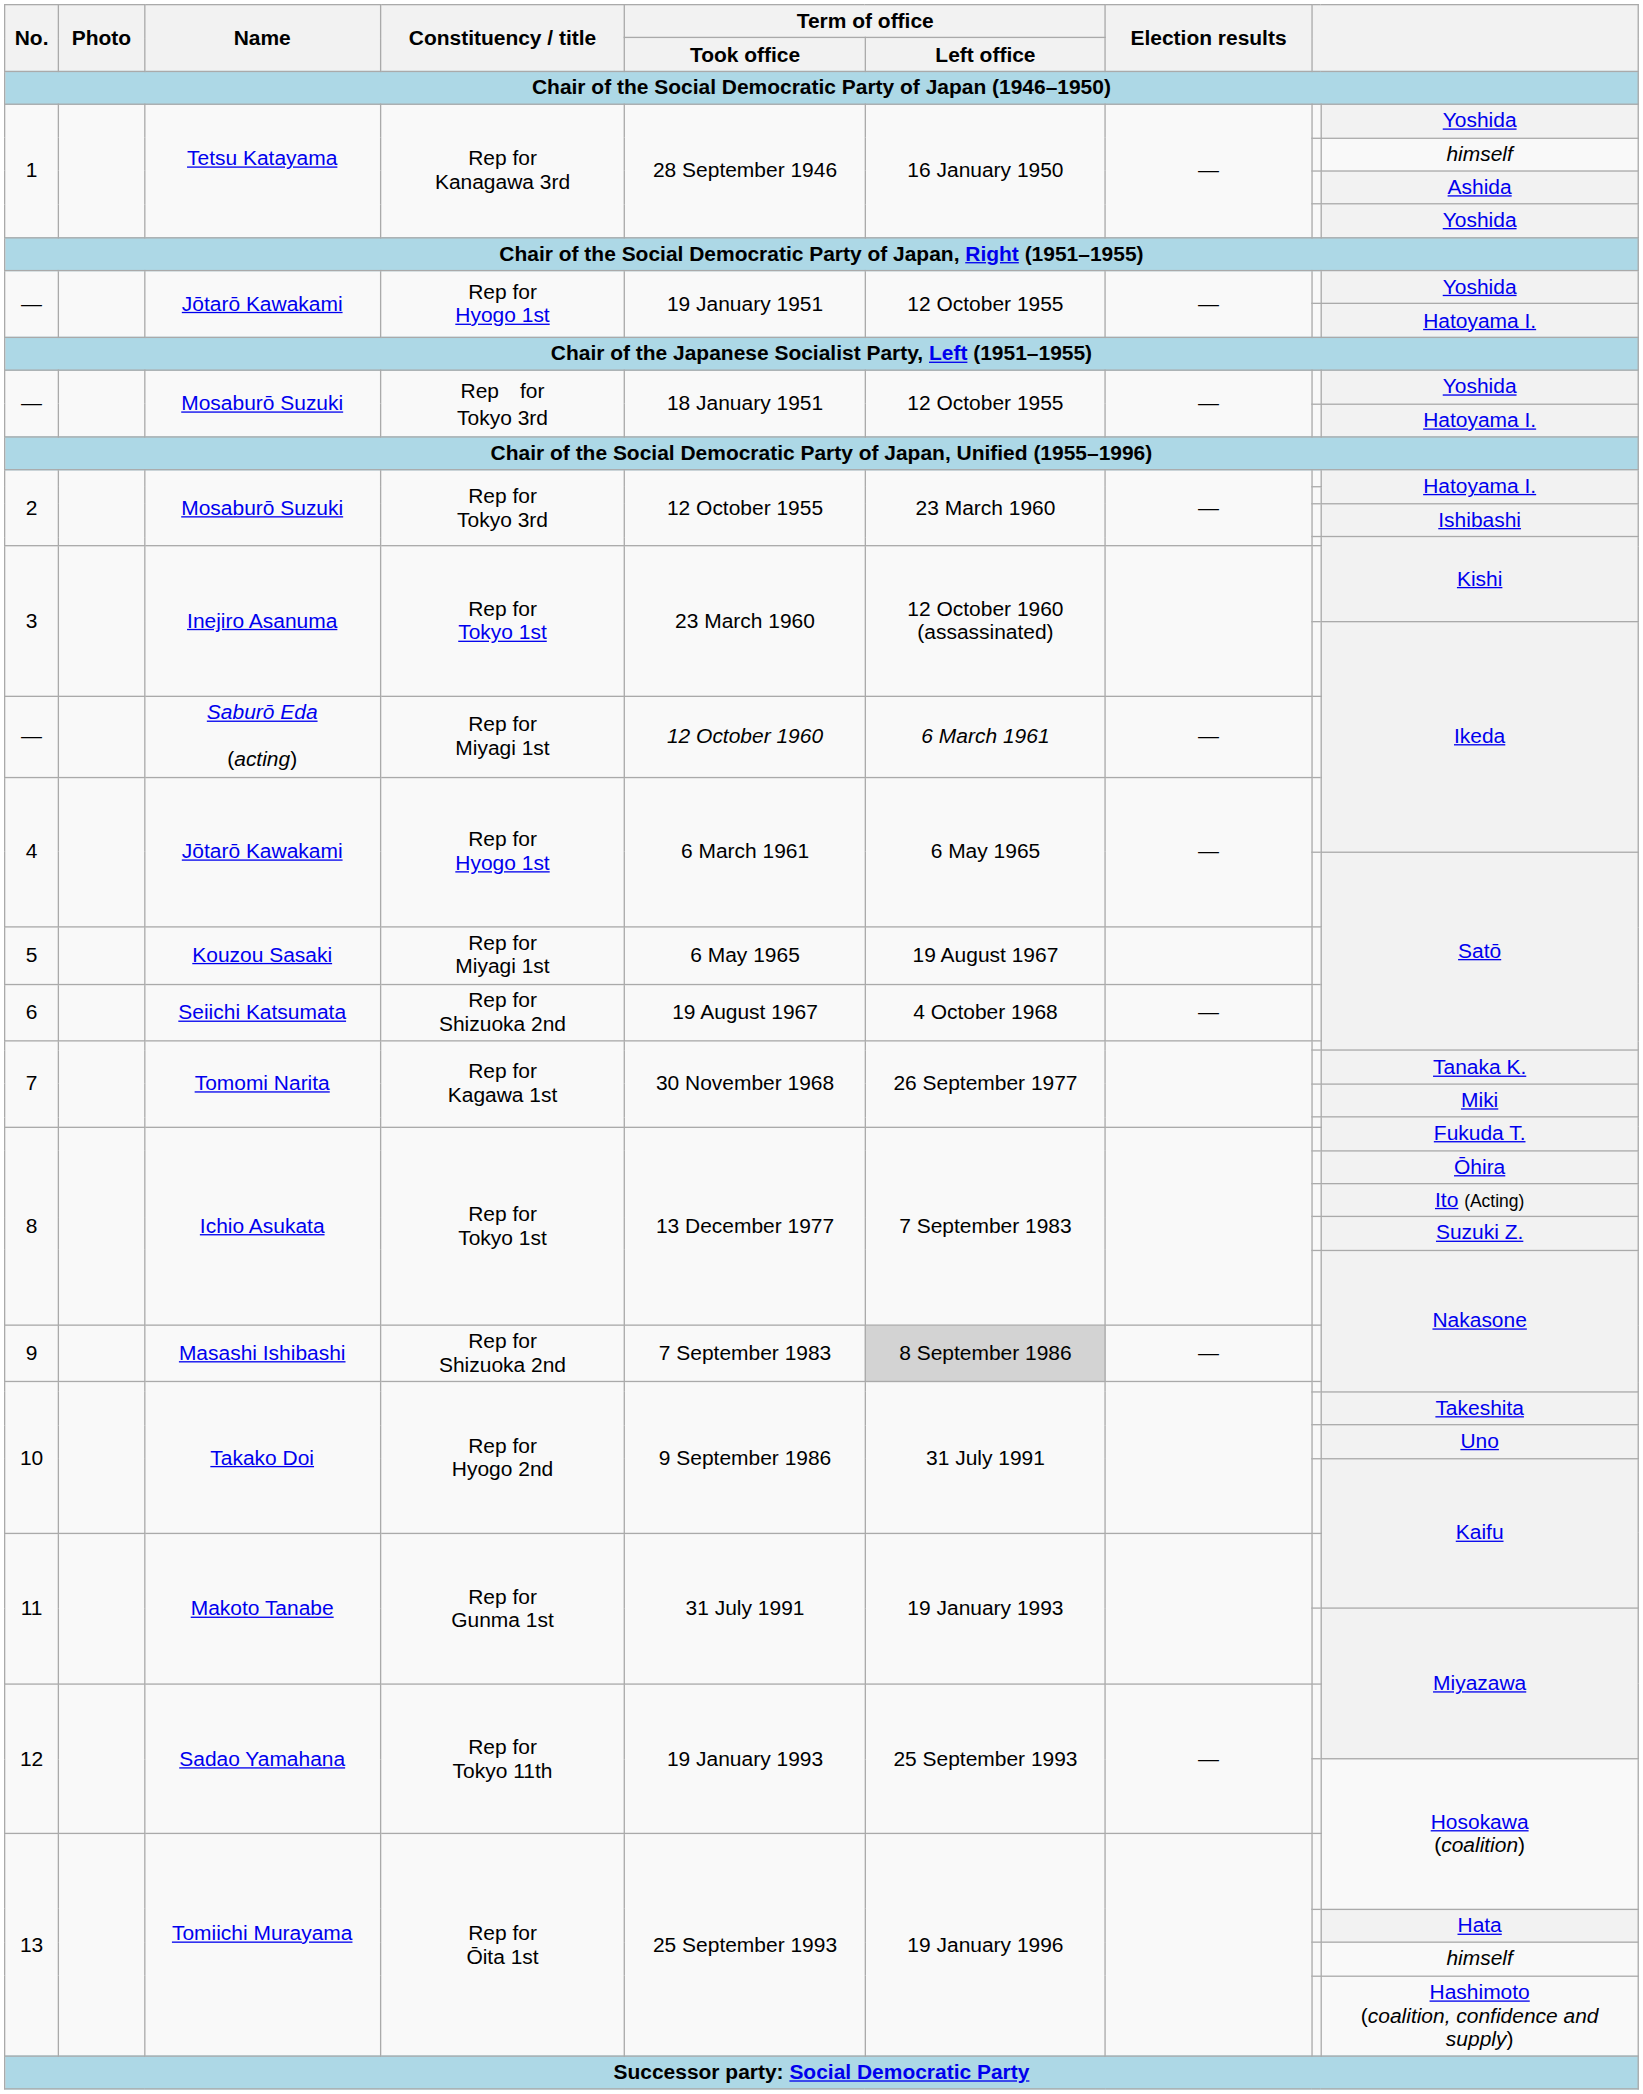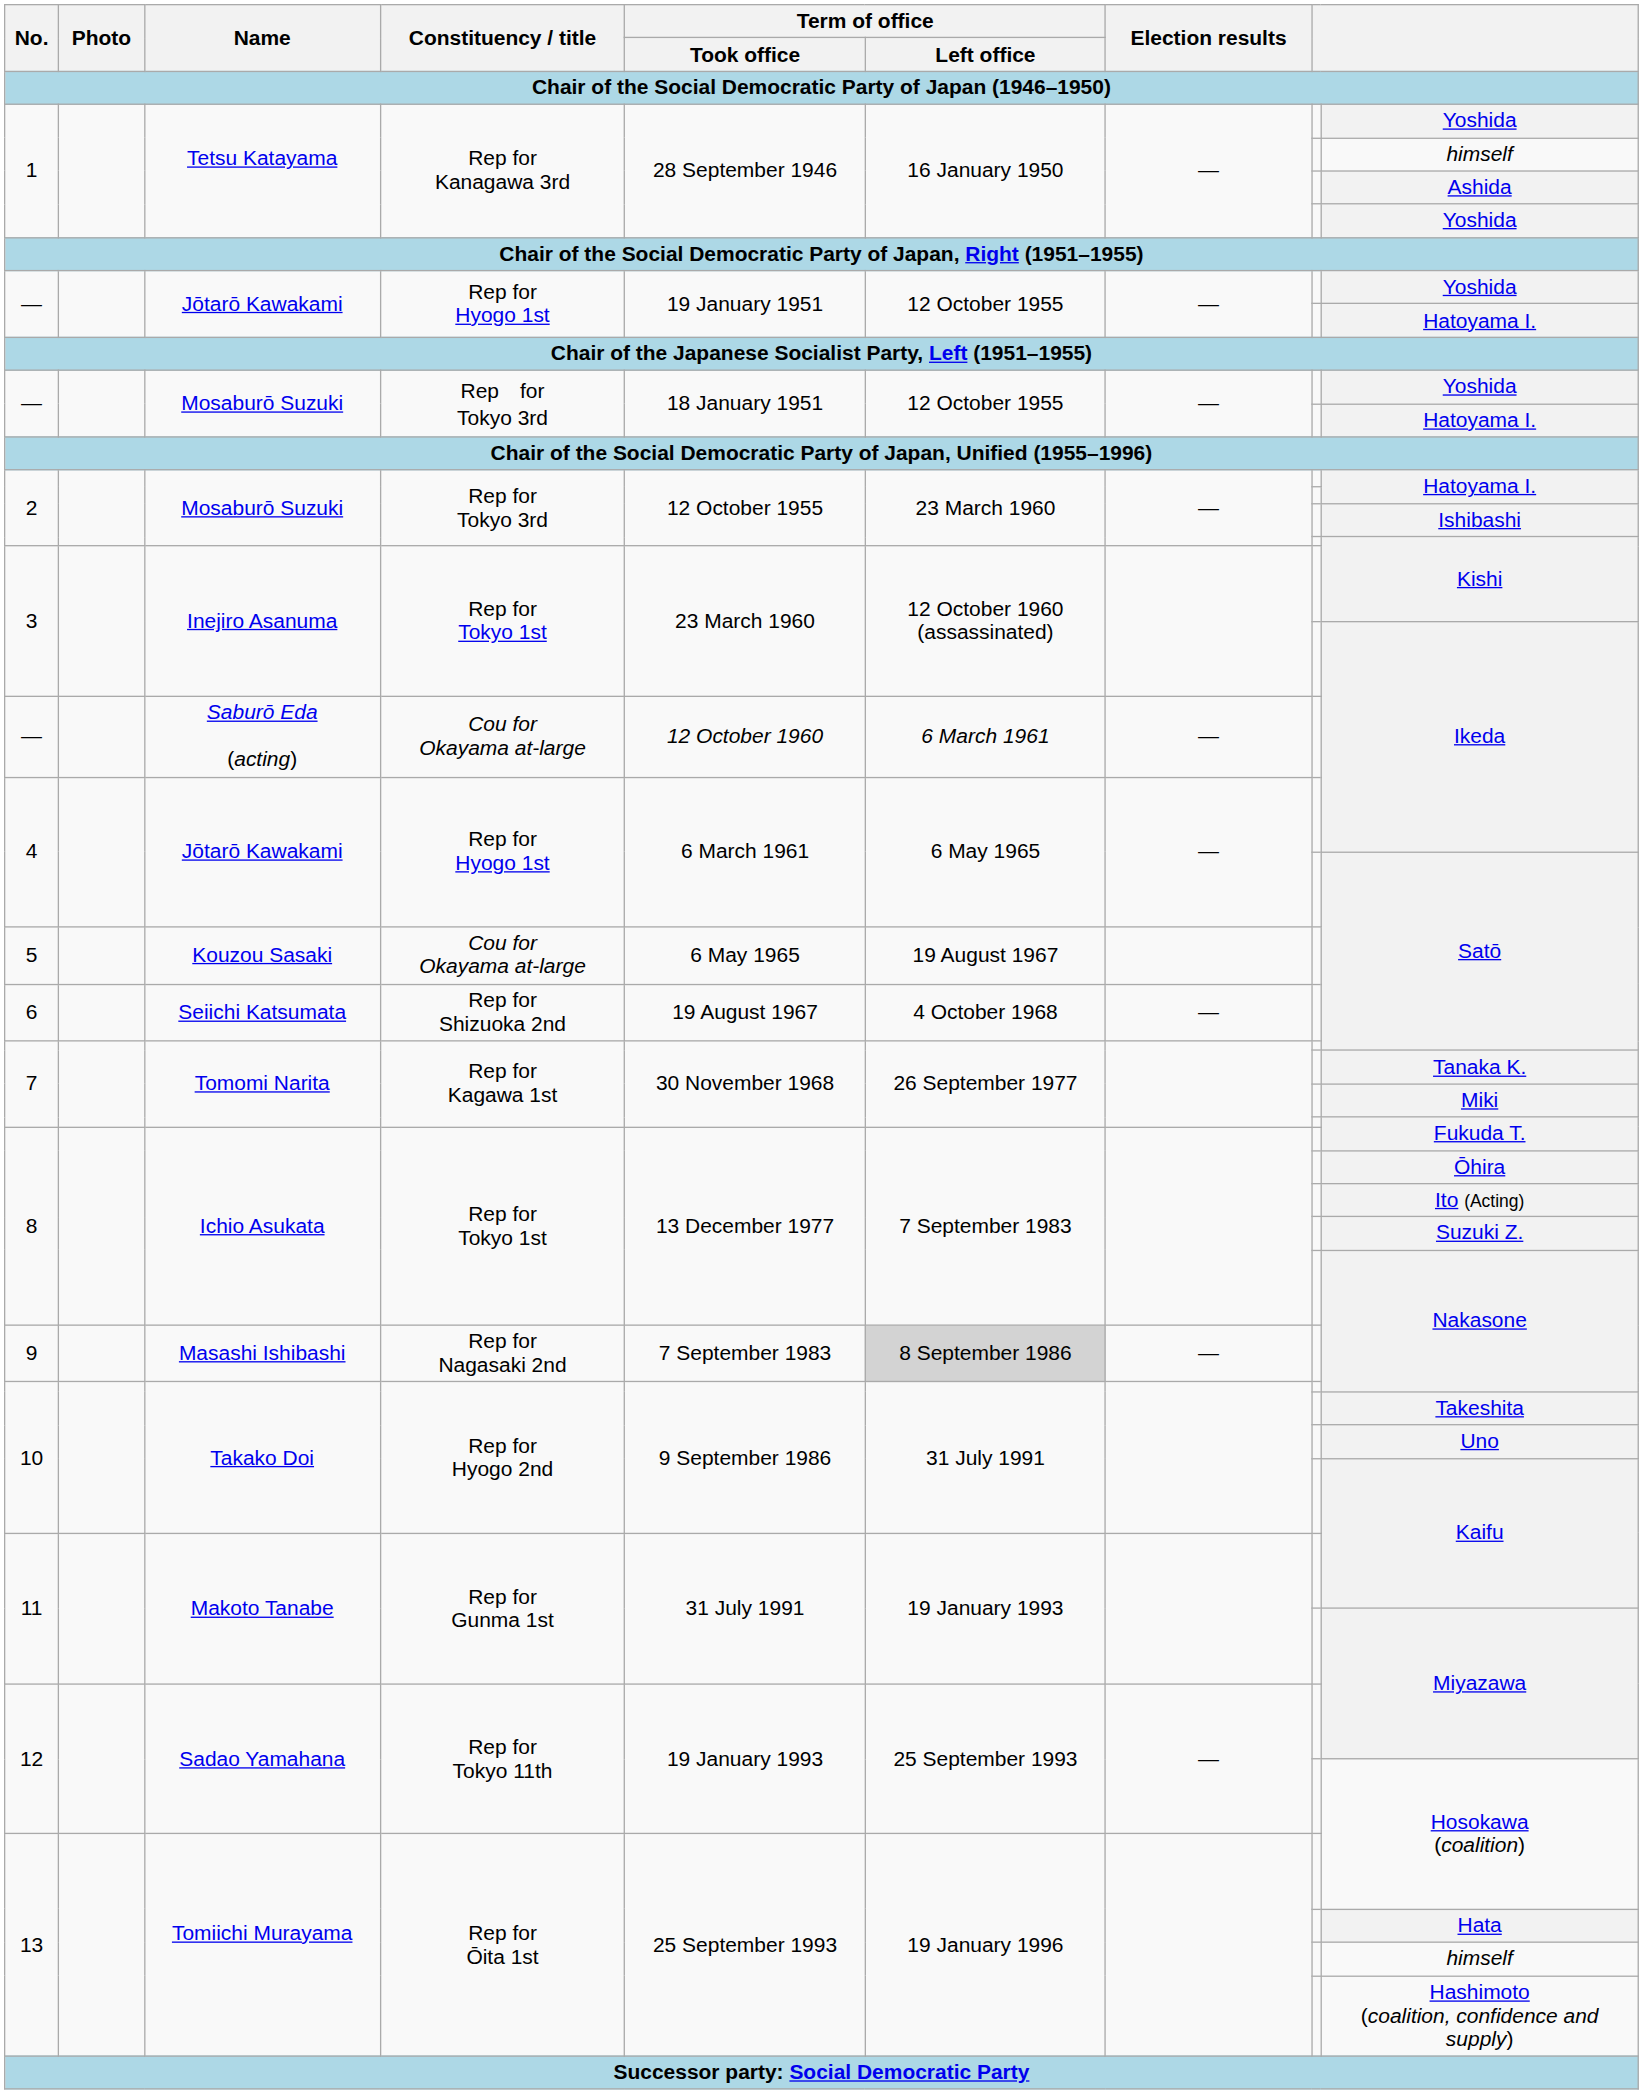 <table class="wikitable"  style="text-align:center">
 <tr>
 <th rowspan=2>No.</th>
 <th rowspan=2>Photo</th>
 <th rowspan=2>Name<br><small> </small></th>
 <th rowspan=2>Constituency / title</th>
 <th colspan=2>Term of office</th>
 <th rowspan=2>Election results</th>
 <th colspan="2" style="width:20%;" rowspan="2"><a href='#'></a> </th>
 </tr>
 <tr>
 <th>Took office</th>
 <th>Left office</th>
 </tr>
 <tr>
 <td colspan="9" bgcolor="lightblue"><strong>Chair of the Social Democratic Party of Japan (1946–1950)</strong></td>
 </tr>
 <tr>
 <td rowspan=4>1</td>
 <td rowspan=4></td>
 <td rowspan=4><a href='#'>Tetsu Katayama</a><br><small></small><br></td>
 <td rowspan=4>Rep for<br>Kanagawa 3rd</td>
 <td rowspan=4>28 September 1946</td>
 <td rowspan=4>16 January 1950</td>
 <td rowspan=4>—</td>
 <td style="background-color: "></td>
 <th style="font-weight:normal"><a href='#'>Yoshida</a> <small></small></th>
 </tr>
 <tr>
 <td style="background-color: "></td>
 <td><em>himself</em> </td>
 </tr>
 <tr>
 <td style="background-color: "></td>
 <th style="font-weight:normal"><a href='#'>Ashida</a> <small></small></th>
 </tr>
 <tr>
 <td style="background-color: "></td>
 <th style="font-weight:normal"><a href='#'>Yoshida</a> <small></small></th>
 </tr>
 <tr>
 <td colspan="9" bgcolor="lightblue"><strong>Chair of the Social Democratic Party of Japan, <a href='#'>Right</a> (1951–1955)</strong></td>
 </tr>
 <tr>
 <td rowspan=2>—</td>
 <td rowspan=2></td>
 <td rowspan=2><a href='#'>Jōtarō Kawakami</a><br><small></small></td>
 <td rowspan=2>Rep for<br><a href='#'>Hyogo 1st</a></td>
 <td rowspan=2>19 January 1951</td>
 <td rowspan=2>12 October 1955</td>
 <td rowspan=2>—</td>
 <td style="background-color: "></td>
 <th style="font-weight:normal"><a href='#'>Yoshida</a> <small></small></th>
 </tr>
 <tr>
 <td style="background-color: "></td>
 <th style="font-weight:normal"><a href='#'>Hatoyama I.</a> <small></small></th>
 </tr>
 <tr>
 <td colspan="9" bgcolor="lightblue"><strong>Chair of the Japanese Socialist Party, <a href='#'>Left</a> (1951–1955)</strong></td>
 </tr>
 <tr>
 <td rowspan=2>—</td>
 <td rowspan=2></td>
 <td rowspan=2><a href='#'>Mosaburō Suzuki</a><br><small></small></td>
 <td rowspan=2>Rep　for<br>Tokyo 3rd</td>
 <td rowspan=2>18 January 1951</td>
 <td rowspan=2>12 October 1955</td>
 <td rowspan=2>—</td>
 <td style="background-color: "></td>
 <th style="font-weight:normal"><a href='#'>Yoshida</a> <small></small></th>
 </tr>
 <tr>
 <td style="background-color: "></td>
 <th style="font-weight:normal"><a href='#'>Hatoyama I.</a> <small></small></th>
 </tr>
 <tr>
 <td colspan="9" bgcolor="lightblue"><strong>Chair of the Social Democratic Party of Japan, Unified (1955–1996)</strong></td>
 </tr>
 <tr>
 <td rowspan=4>2</td>
 <td rowspan=4></td>
 <td rowspan=4><a href='#'>Mosaburō Suzuki</a><br><small></small></td>
 <td rowspan=4>Rep for<br>Tokyo 3rd</td>
 <td rowspan=4>12 October 1955</td>
 <td rowspan=4>23 March 1960</td>
 <td rowspan=4>—</td>
 <td style="background-color: "></td>
 <th rowspan="2" style="font-weight:normal"><a href='#'>Hatoyama I.</a> <small></small></th>
 </tr>
 <tr>
 <td style="background-color: "></td>
 </tr>
 <tr>
 <td style="background-color: "></td>
 <th style="font-weight:normal"><a href='#'>Ishibashi</a> <small></small></th>
 </tr>
 <tr>
 <td style="background-color: "></td>
 <th rowspan="2" style="font-weight:normal"><a href='#'>Kishi</a> <small></small></th>
 </tr>
 <tr>
 <td rowspan=2>3</td>
 <td rowspan=2></td>
 <td rowspan=2><a href='#'>Inejiro Asanuma</a><br><small></small></td>
 <td rowspan=2>Rep for<br><a href='#'>Tokyo 1st</a></td>
 <td rowspan=2>23 March 1960</td>
 <td rowspan=2>12 October 1960<br>(assassinated)</td>
 <td rowspan=2 align=left></td>
 <td height=50 style="background-color: "></td>
 </tr>
 <tr>
 <td height=50 style="background-color: "></td>
 <th rowspan="3" style="font-weight:normal"><a href='#'>Ikeda</a> <small></small></th>
 </tr>
 <tr>
 <td>—</td>
 <td></td>
 <td><em><a href='#'>Saburō Eda</a></em><br><small><em></em></small><br>(<em>acting</em>)</td>
-<td>Rep for<br>Miyagi 1st</td>
+<td><em>Cou for<br>Okayama at-large</em></td>
 <td><em>12 October 1960</em></td>
 <td><em>6 March 1961</em></td>
 <td>—</td>
 <td style="background-color: "></td>
 </tr>
 <tr>
 <td rowspan=2>4</td>
 <td rowspan=2></td>
 <td rowspan=2><a href='#'>Jōtarō Kawakami</a><br><small></small></td>
 <td rowspan=2>Rep for<br><a href='#'>Hyogo 1st</a></td>
 <td rowspan=2>6 March 1961</td>
 <td rowspan=2>6 May 1965</td>
 <td rowspan=2>—</td>
 <td height=50 style="background-color: "></td>
 </tr>
 <tr>
 <td height=50 style="background-color: "></td>
 <th rowspan="4" style="font-weight:normal"><a href='#'>Satō</a> <small></small></th>
 </tr>
 <tr>
 <td>5</td>
 <td></td>
 <td><a href='#'>Kouzou Sasaki</a><br><small></small></td>
-<td>Rep for<br>Miyagi 1st</td>
+<td><em>Cou for<br>Okayama at-large</em></td>
 <td>6 May 1965</td>
 <td>19 August 1967</td>
 <td align=left><br></td>
 <td style="background-color: "></td>
 </tr>
 <tr>
 <td>6</td>
 <td></td>
 <td><a href='#'>Seiichi Katsumata</a><br><small></small></td>
 <td>Rep for<br>Shizuoka 2nd</td>
 <td>19 August 1967</td>
 <td>4 October 1968</td>
 <td>—</td>
 <td style="background-color: "></td>
 </tr>
 <tr>
 <td rowspan=4>7</td>
 <td rowspan=4></td>
 <td rowspan="4"><a href='#'>Tomomi Narita</a><br><small></small></td>
 <td rowspan=4>Rep for<br>Kagawa 1st</td>
 <td rowspan=4>30 November 1968</td>
 <td rowspan=4>26 September 1977</td>
 <td rowspan=4 align=left></td>
 <td style="background-color: "></td>
 </tr>
 <tr>
 <td style="background-color: "></td>
 <th style="font-weight:normal"><a href='#'>Tanaka K.</a> <small></small></th>
 </tr>
 <tr>
 <td style="background-color: "></td>
 <th style="font-weight:normal"><a href='#'>Miki</a> <small></small></th>
 </tr>
 <tr>
 <td style="background-color: "></td>
 <th rowspan="2" style="font-weight:normal"><a href='#'>Fukuda T.</a> <small></small></th>
 </tr>
 <tr>
 <td rowspan=5>8</td>
 <td rowspan=5></td>
 <td rowspan=5><a href='#'>Ichio Asukata</a><br><small></small></td>
 <td rowspan=5>Rep for<br>Tokyo 1st</td>
 <td rowspan=5>13 December 1977</td>
 <td rowspan=5>7 September 1983</td>
 <td rowspan=5 align=left></td>
 <td style="background-color: "></td>
 </tr>
 <tr>
 <td style="background-color: "></td>
 <th style="font-weight:normal"><a href='#'>Ōhira</a> <small></small></th>
 </tr>
 <tr>
 <td style="background-color: "></td>
 <th style="font-weight:normal"><a href='#'>Ito</a> <small> (Acting)</small></th>
 </tr>
 <tr>
 <td style="background-color: "></td>
 <th style="font-weight:normal"><a href='#'>Suzuki Z.</a> <small></small></th>
 </tr>
 <tr>
 <td height=50 style="background-color: "></td>
 <th rowspan="3" style="font-weight:normal"><a href='#'>Nakasone</a> <small></small></th>
 </tr>
 <tr>
 <td>9</td>
 <td></td>
 <td><a href='#'>Masashi Ishibashi</a><br><small></small></td>
-<td>Rep for<br>Shizuoka 2nd</td>
+<td>Rep for<br>Nagasaki 2nd</td>
 <td>7 September 1983</td>
 <td style="background: lightgrey;">8 September 1986</td>
 <td>—</td>
 <td style="background-color: "></td>
 </tr>
 <tr>
 <td rowspan=4>10</td>
 <td rowspan=4></td>
 <td rowspan=4><a href='#'>Takako Doi</a><br><small></small></td>
 <td rowspan=4>Rep for<br>Hyogo 2nd</td>
 <td rowspan=4>9 September 1986</td>
 <td rowspan=4>31 July 1991</td>
 <td rowspan=4 align=left></td>
 <td style="background-color: "></td>
 </tr>
 <tr>
 <td style="background-color: "></td>
 <th style="font-weight:normal"><a href='#'>Takeshita</a> <small></small></th>
 </tr>
 <tr>
 <td style="background-color: "></td>
 <th style="font-weight:normal"><a href='#'>Uno</a> <small></small></th>
 </tr>
 <tr>
 <td height=50 style="background-color: "></td>
 <th rowspan="2" style="font-weight:normal"><a href='#'>Kaifu</a> <small></small></th>
 </tr>
 <tr>
 <td rowspan=2>11</td>
 <td rowspan=2></td>
 <td rowspan=2><a href='#'>Makoto Tanabe</a><br><small></small></td>
 <td rowspan=2>Rep for<br>Gunma 1st</td>
 <td rowspan=2>31 July 1991</td>
 <td rowspan=2>19 January 1993</td>
 <td rowspan=2 align=left></td>
 <td height=50 style="background-color: "></td>
 </tr>
 <tr>
 <td height=50 style="background-color: "></td>
 <th rowspan="2" style="font-weight:normal"><a href='#'>Miyazawa</a> <small></small></th>
 </tr>
 <tr>
 <td rowspan=2>12</td>
 <td rowspan=2></td>
 <td rowspan=2><a href='#'>Sadao Yamahana</a><br><small></small></td>
 <td rowspan=2>Rep for<br>Tokyo 11th</td>
 <td rowspan=2>19 January 1993</td>
 <td rowspan=2>25 September 1993</td>
 <td rowspan=2>—</td>
 <td height=50 style="background-color: "></td>
 </tr>
 <tr>
 <td height=50 style="background-color: "></td>
 <td rowspan="2" style="font-weight:normal"><a href='#'>Hosokawa</a> <small></small><br>(<em>coalition</em>)</td>
 </tr>
 <tr>
 <td rowspan=4>13</td>
 <td rowspan=4></td>
 <td rowspan=4><a href='#'>Tomiichi Murayama</a><br><small></small><br></td>
 <td rowspan=4>Rep for<br>Ōita 1st</td>
 <td rowspan=4>25 September 1993</td>
 <td rowspan=4>19 January 1996</td>
 <td rowspan=4 align=left><br></td>
 <td height=50 style="background-color: "></td>
 </tr>
 <tr>
 <td style="background-color: "></td>
 <th style="font-weight:normal"><a href='#'>Hata</a> <small></small></th>
 </tr>
 <tr>
 <td style="background-color: "></td>
 <td><em>himself</em> </td>
 </tr>
 <tr>
 <td style="background-color: "></td>
 <td style="font-weight:normal"><a href='#'>Hashimoto</a> <small></small><br>(<em>coalition, confidence and supply</em>)</td>
 </tr>
 <tr>
 <td bgcolor="lightblue" colspan="9"><strong>Successor party: <a href='#'>Social Democratic Party</a> </strong></td>
 </tr>
 </table>
